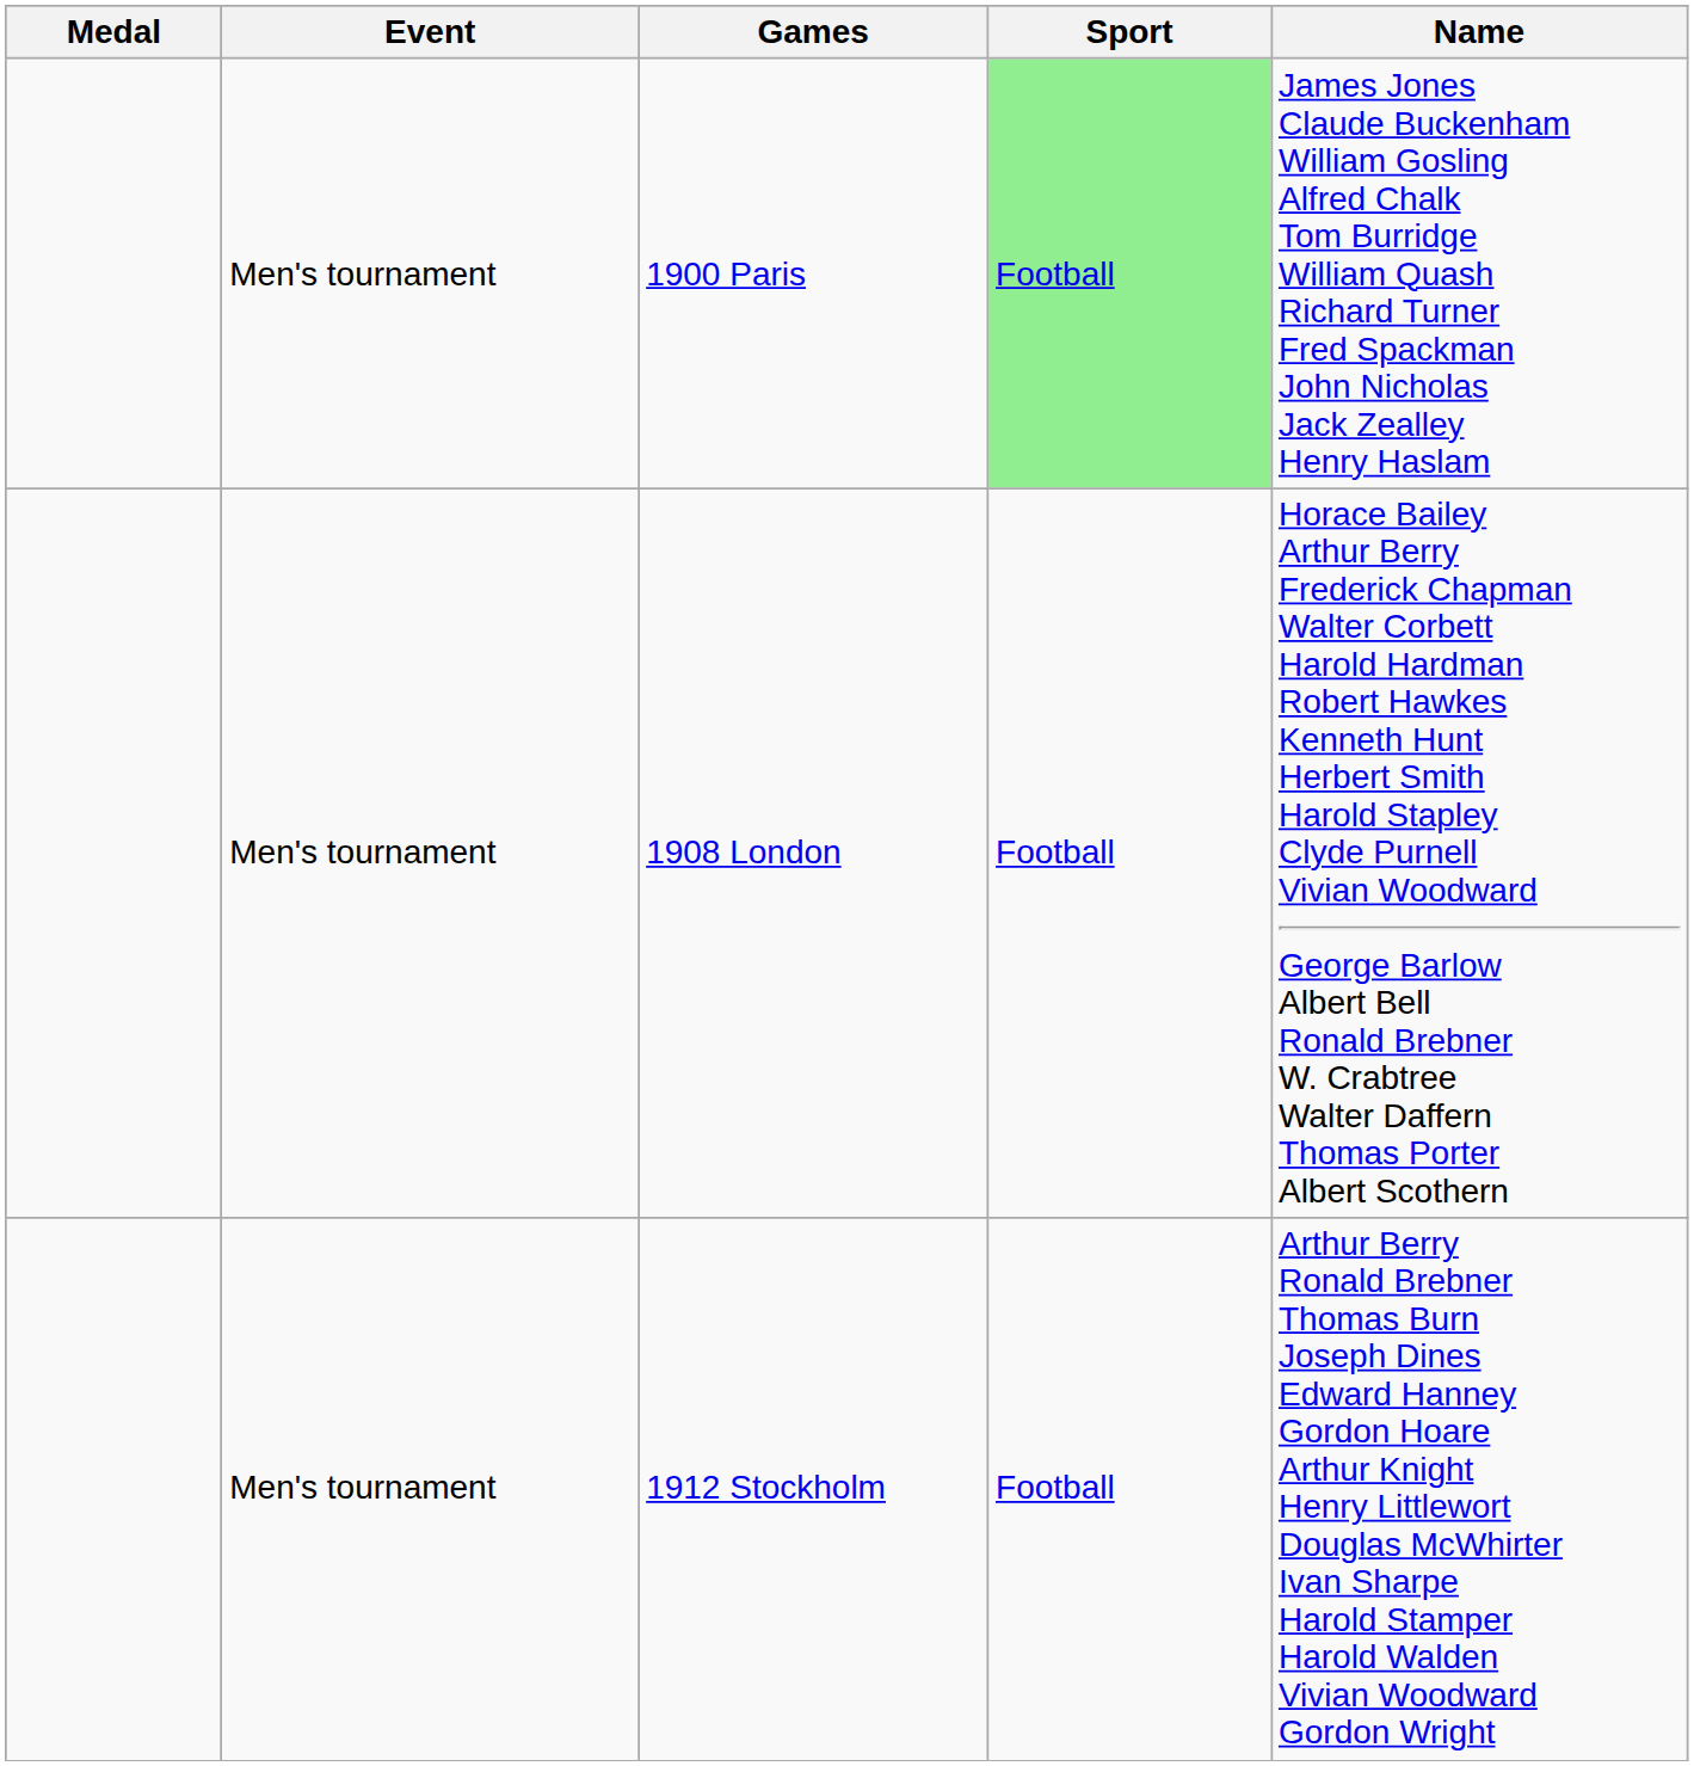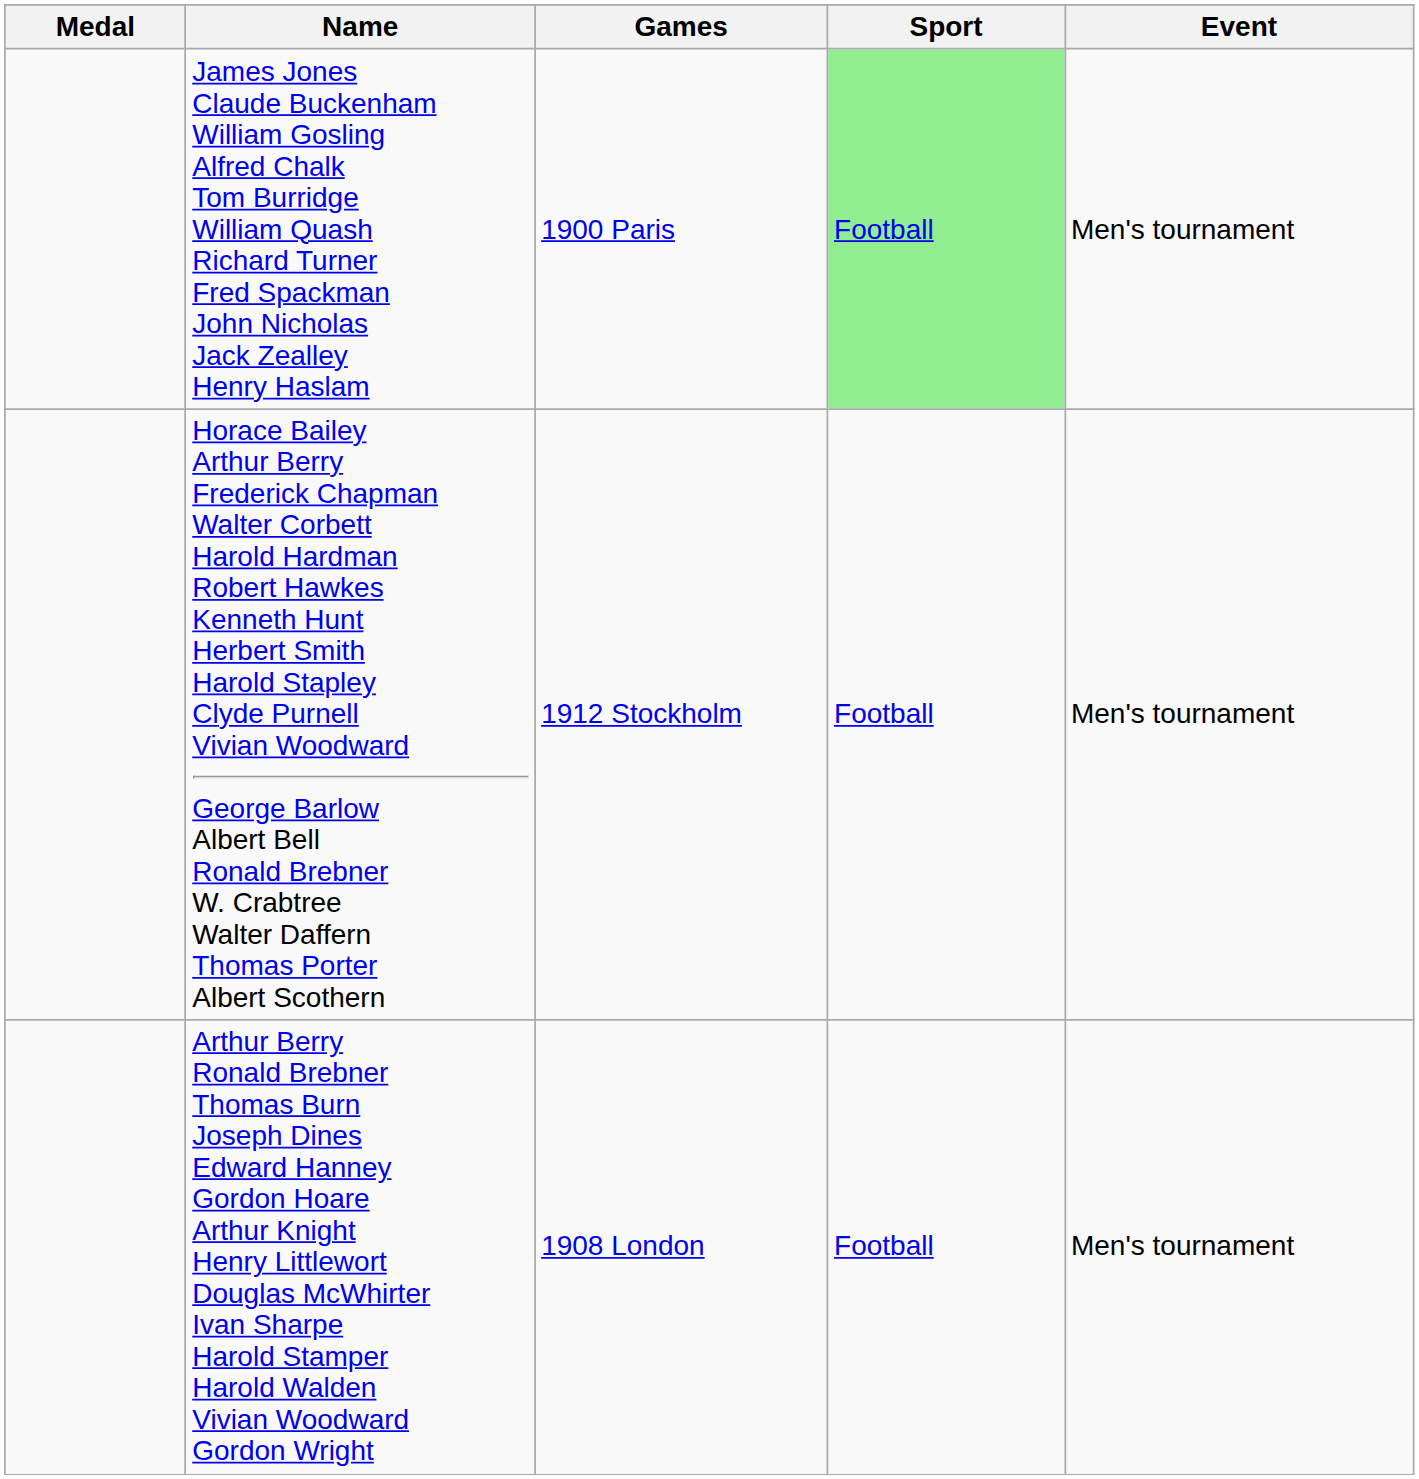 <table class="wikitable sortable collapsible collapsed">
 <tr>
 <th style="width:6em">Medal</th>
-<th style="width:12em">Event</th>
+<th style="width:12em">Name</th>
 <th style="width:10em">Games</th>
 <th style="width:8em">Sport</th>
-<th style="width:12em">Name</th>
+<th style="width:12em">Event</th>
 </tr>
 <tr>
 <td></td>
-<td>Men's tournament</td>
+<td><a href='#'>James Jones</a><br><a href='#'>Claude Buckenham</a><br><a href='#'>William Gosling</a><br><a href='#'>Alfred Chalk</a><br><a href='#'>Tom Burridge</a><br><a href='#'>William Quash</a><br><a href='#'>Richard Turner</a><br><a href='#'>Fred Spackman</a><br><a href='#'>John Nicholas</a><br><a href='#'>Jack Zealley</a><br><a href='#'>Henry Haslam</a></td>
 <td> <a href='#'>1900 Paris</a></td>
 <td style="background: lightgreen;"> <a href='#'>Football</a></td>
-<td><a href='#'>James Jones</a><br><a href='#'>Claude Buckenham</a><br><a href='#'>William Gosling</a><br><a href='#'>Alfred Chalk</a><br><a href='#'>Tom Burridge</a><br><a href='#'>William Quash</a><br><a href='#'>Richard Turner</a><br><a href='#'>Fred Spackman</a><br><a href='#'>John Nicholas</a><br><a href='#'>Jack Zealley</a><br><a href='#'>Henry Haslam</a></td>
+<td>Men's tournament</td>
 </tr>
 <tr>
 <td></td>
+<td><a href='#'>Horace Bailey</a><br><a href='#'>Arthur Berry</a><br><a href='#'>Frederick Chapman</a><br><a href='#'>Walter Corbett</a><br><a href='#'>Harold Hardman</a><br><a href='#'>Robert Hawkes</a><br><a href='#'>Kenneth Hunt</a><br><a href='#'>Herbert Smith</a><br><a href='#'>Harold Stapley</a><br><a href='#'>Clyde Purnell</a><br><a href='#'>Vivian Woodward</a> <hr> <a href='#'>George Barlow</a><br> Albert Bell <br><a href='#'>Ronald Brebner</a><br>W. Crabtree<br>Walter Daffern<br><a href='#'>Thomas Porter</a><br>Albert Scothern</td>
+<td> <a href='#'>1912 Stockholm</a></td>
+<td> <a href='#'>Football</a></td>
 <td>Men's tournament</td>
-<td> <a href='#'>1908 London</a></td>
-<td> <a href='#'>Football</a></td>
-<td><a href='#'>Horace Bailey</a><br><a href='#'>Arthur Berry</a><br><a href='#'>Frederick Chapman</a><br><a href='#'>Walter Corbett</a><br><a href='#'>Harold Hardman</a><br><a href='#'>Robert Hawkes</a><br><a href='#'>Kenneth Hunt</a><br><a href='#'>Herbert Smith</a><br><a href='#'>Harold Stapley</a><br><a href='#'>Clyde Purnell</a><br><a href='#'>Vivian Woodward</a> <hr> <a href='#'>George Barlow</a><br> Albert Bell <br><a href='#'>Ronald Brebner</a><br>W. Crabtree<br>Walter Daffern<br><a href='#'>Thomas Porter</a><br>Albert Scothern</td>
 </tr>
 <tr>
 <td></td>
+<td><a href='#'>Arthur Berry</a><br><a href='#'>Ronald Brebner</a><br><a href='#'>Thomas Burn</a><br><a href='#'>Joseph Dines</a><br><a href='#'>Edward Hanney</a><br><a href='#'>Gordon Hoare</a><br><a href='#'>Arthur Knight</a><br><a href='#'>Henry Littlewort</a><br><a href='#'>Douglas McWhirter</a><br><a href='#'>Ivan Sharpe</a><br><a href='#'>Harold Stamper</a><br><a href='#'>Harold Walden</a><br><a href='#'>Vivian Woodward</a><br><a href='#'>Gordon Wright</a></td>
+<td> <a href='#'>1908 London</a></td>
+<td> <a href='#'>Football</a></td>
 <td>Men's tournament</td>
-<td> <a href='#'>1912 Stockholm</a></td>
-<td> <a href='#'>Football</a></td>
-<td><a href='#'>Arthur Berry</a><br><a href='#'>Ronald Brebner</a><br><a href='#'>Thomas Burn</a><br><a href='#'>Joseph Dines</a><br><a href='#'>Edward Hanney</a><br><a href='#'>Gordon Hoare</a><br><a href='#'>Arthur Knight</a><br><a href='#'>Henry Littlewort</a><br><a href='#'>Douglas McWhirter</a><br><a href='#'>Ivan Sharpe</a><br><a href='#'>Harold Stamper</a><br><a href='#'>Harold Walden</a><br><a href='#'>Vivian Woodward</a><br><a href='#'>Gordon Wright</a></td>
 </tr>
 </table>
